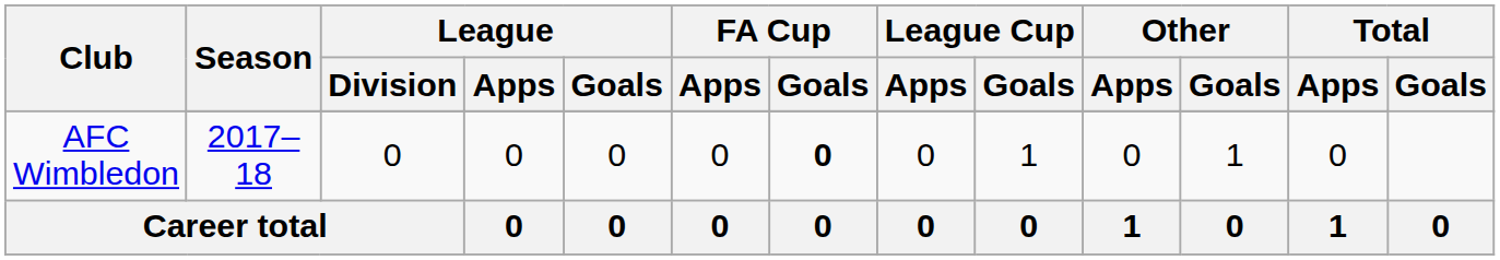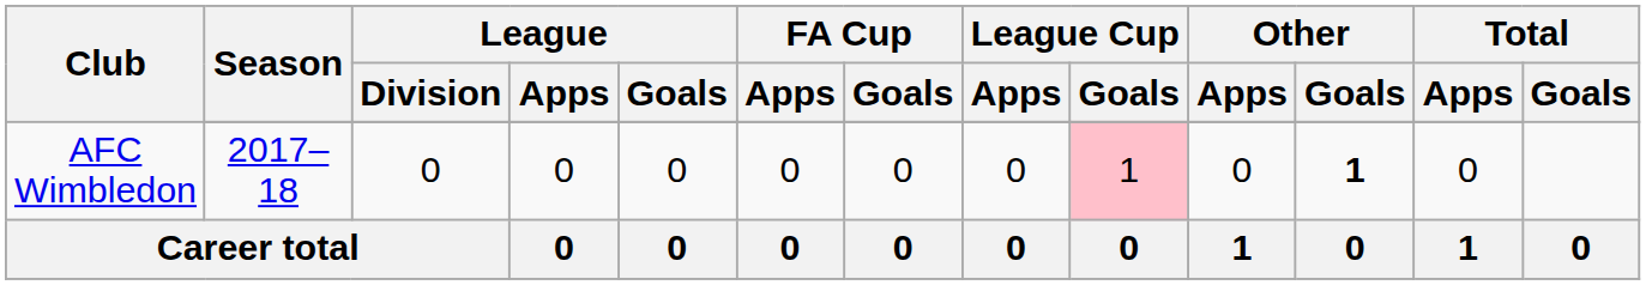 <table class="wikitable" style="text-align: center;">
 <tr>
 <th rowspan="2">Club</th>
 <th rowspan="2">Season</th>
 <th colspan="3">League</th>
 <th colspan="2">FA Cup</th>
 <th colspan="2">League Cup</th>
 <th colspan="2">Other</th>
 <th colspan="2">Total</th>
 </tr>
 <tr>
 <th>Division</th>
 <th>Apps</th>
 <th>Goals</th>
 <th>Apps</th>
 <th>Goals</th>
 <th>Apps</th>
 <th>Goals</th>
 <th>Apps</th>
 <th>Goals</th>
 <th>Apps</th>
 <th>Goals</th>
 </tr>
 <tr>
 <td rowspan="2"><a href='#'>AFC Wimbledon</a></td>
 </tr>
 <tr>
 <td><a href='#'>2017–18</a></td>
 <td>0</td>
 <td>0</td>
 <td>0</td>
 <td>0</td>
-<td><strong>0</strong></td>
 <td>0</td>
-<td>1</td>
 <td>0</td>
-<td>1</td>
+<td style="background: pink;">1</td>
+<td>0</td>
+<td><strong>1</strong></td>
 <td>0</td>
 </tr>
 <tr>
 <th colspan="3">Career total</th>
 <th>0</th>
 <th>0</th>
 <th>0</th>
 <th>0</th>
 <th>0</th>
 <th>0</th>
 <th>1</th>
 <th>0</th>
 <th>1</th>
 <th>0</th>
 </tr>
 </table>
